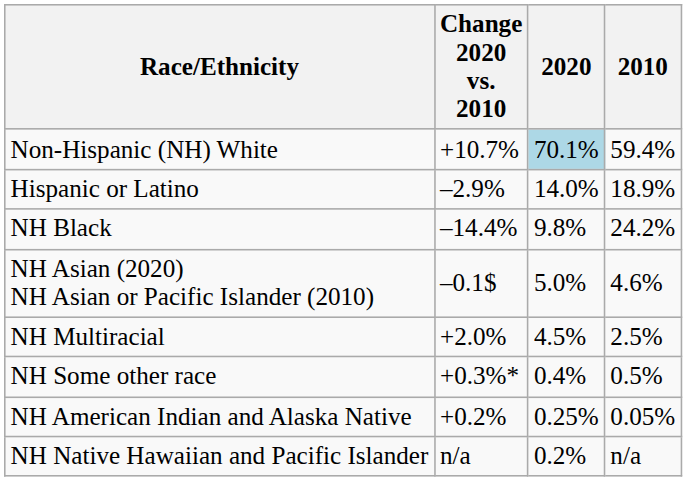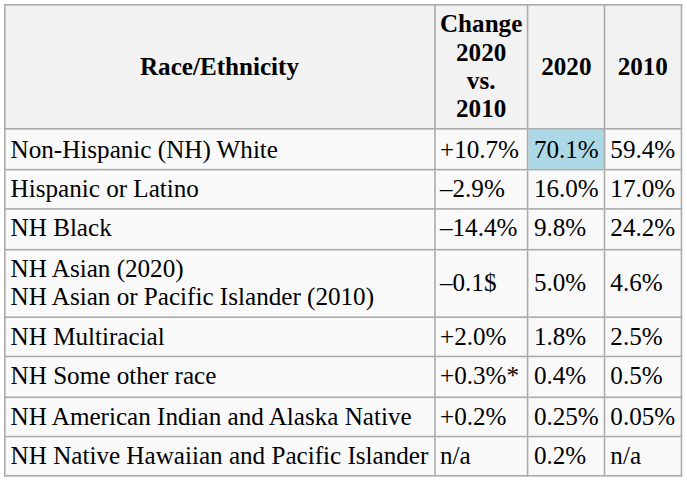 <table class="wikitable" align="center" | title="Race and Ethnicity, Logan Circle Neighborhood">
 <tr>
 <th>Race/Ethnicity</th>
 <th>Change<br>2020<br>vs.<br>2010</th>
 <th>2020</th>
 <th>2010</th>
 </tr>
 <tr>
 <td>Non-Hispanic (NH) White</td>
 <td>+10.7%</td>
 <td style="background: lightblue;">70.1%</td>
 <td>59.4%</td>
 </tr>
 <tr>
 <td>Hispanic or Latino</td>
 <td>–2.9%</td>
-<td>14.0%</td>
-<td>18.9%</td>
+<td>16.0%</td>
+<td>17.0%</td>
 </tr>
 <tr>
 <td>NH Black</td>
 <td>–14.4%</td>
 <td>9.8%</td>
 <td>24.2%</td>
 </tr>
 <tr>
 <td>NH Asian (2020)<br>NH Asian or Pacific Islander (2010)</td>
 <td>–0.1$</td>
 <td>5.0%</td>
 <td>4.6%</td>
 </tr>
 <tr>
 <td>NH Multiracial</td>
 <td>+2.0%</td>
-<td>4.5%</td>
+<td>1.8%</td>
 <td>2.5%</td>
 </tr>
 <tr>
 <td>NH Some other race</td>
 <td>+0.3%*</td>
 <td>0.4%</td>
 <td>0.5%</td>
 </tr>
 <tr>
 <td>NH American Indian and Alaska Native</td>
 <td>+0.2%</td>
 <td>0.25%</td>
 <td>0.05%</td>
 </tr>
 <tr>
 <td>NH Native Hawaiian and Pacific Islander</td>
 <td>n/a</td>
 <td>0.2%</td>
 <td>n/a</td>
 </tr>
 </table>
